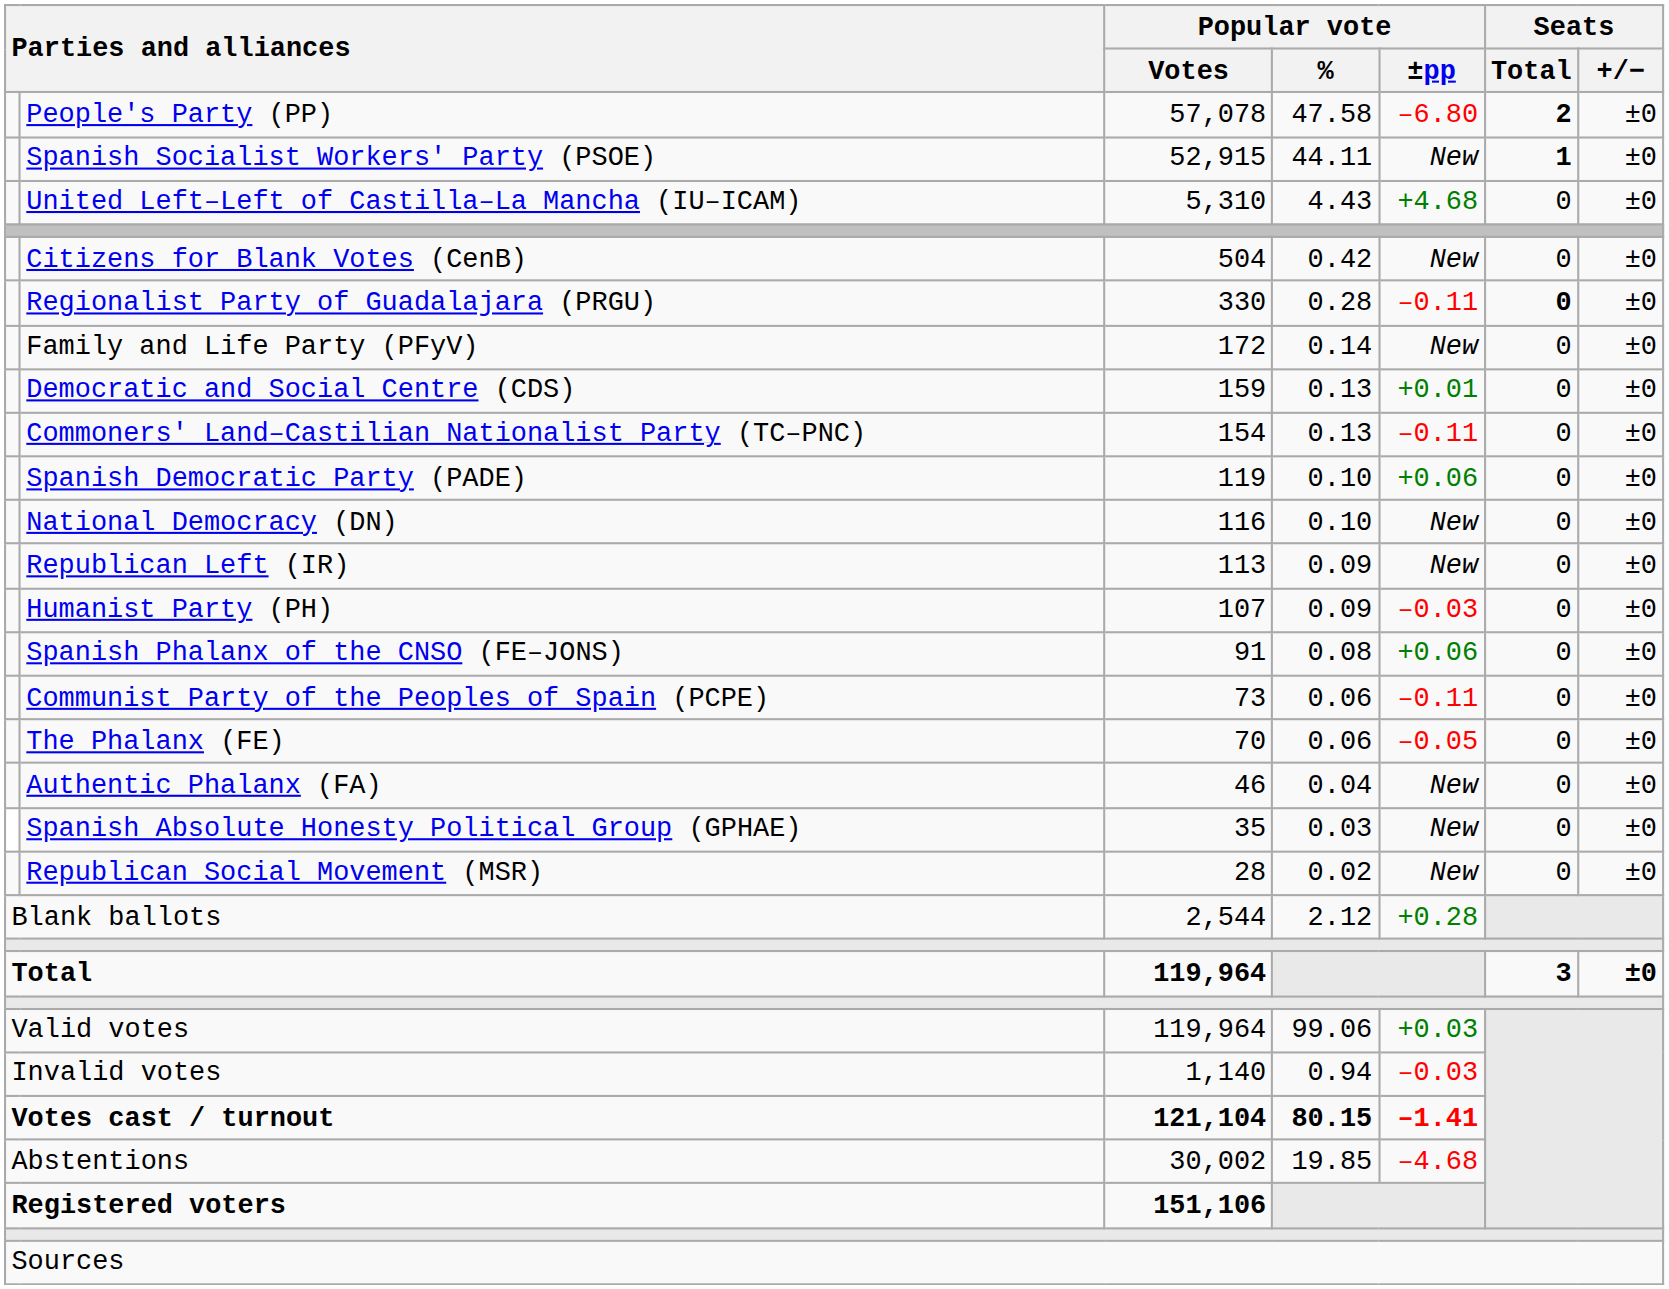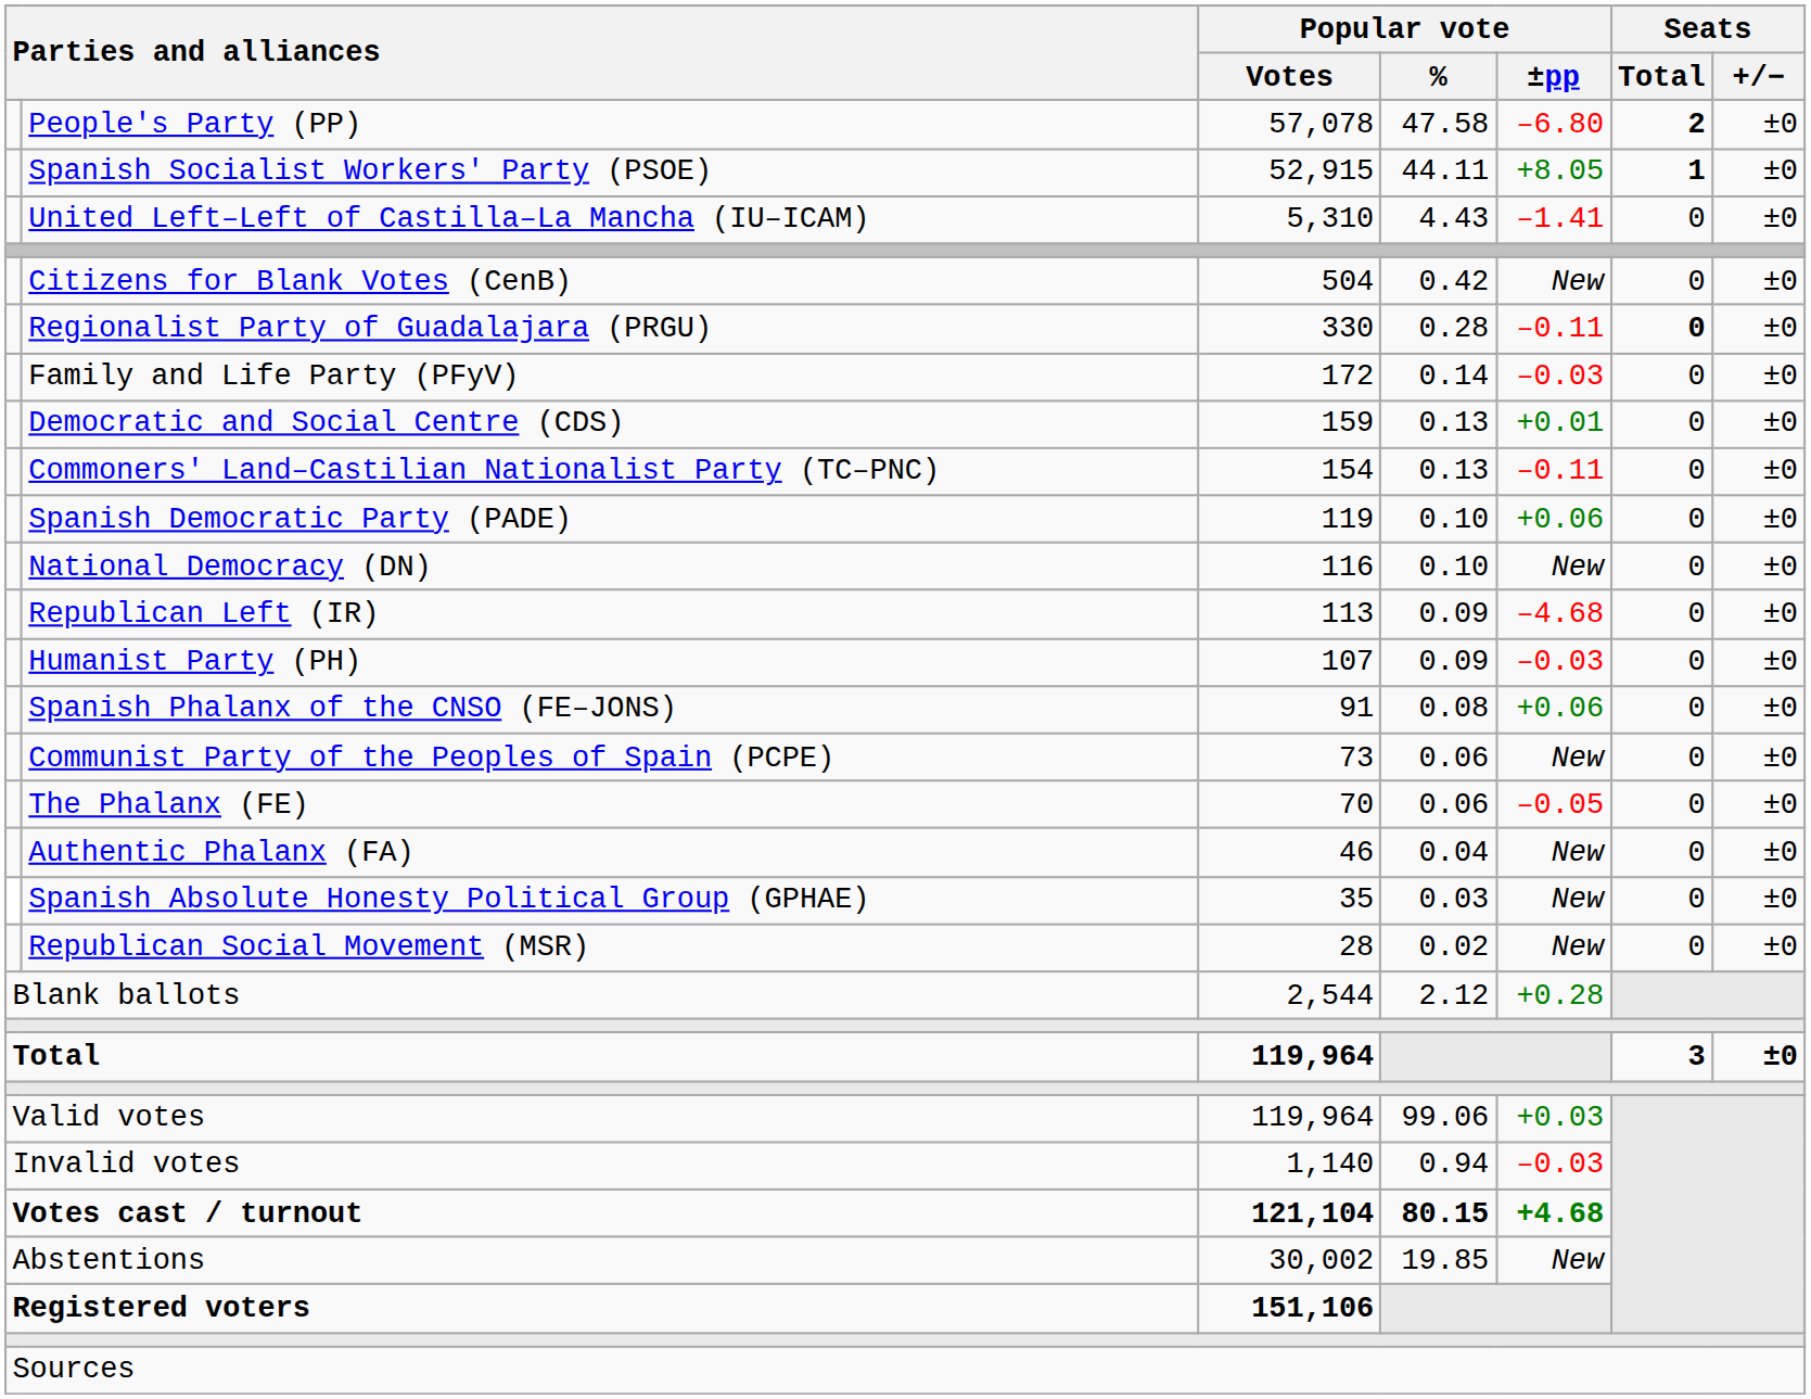 <table class="wikitable" style="text-align:right;">
 <tr>
 <th style="text-align:left;" rowspan="2" colspan="2" width="525">Parties and alliances</th>
 <th colspan="3">Popular vote</th>
 <th colspan="2">Seats</th>
 </tr>
 <tr>
 <th width="75">Votes</th>
 <th width="45">%</th>
 <th width="45">±<a href='#'>pp</a></th>
 <th width="35">Total</th>
 <th width="35">+/−</th>
 </tr>
 <tr>
 <td width="1" style="color:inherit;background:"></td>
 <td align="left"><a href='#'>People's Party</a> (PP)</td>
 <td>57,078</td>
 <td>47.58</td>
 <td style="color:red;">–6.80</td>
 <td><strong>2</strong></td>
 <td>±0</td>
 </tr>
 <tr>
 <td style="color:inherit;background:"></td>
 <td align="left"><a href='#'>Spanish Socialist Workers' Party</a> (PSOE)</td>
 <td>52,915</td>
 <td>44.11</td>
-<td><em>New</em></td>
+<td style="color:green;">+8.05</td>
 <td><strong>1</strong></td>
 <td>±0</td>
 </tr>
 <tr>
 <td style="color:inherit;background:"></td>
 <td align="left"><a href='#'>United Left–Left of Castilla–La Mancha</a> (IU–ICAM)</td>
 <td>5,310</td>
 <td>4.43</td>
-<td style="color:green;">+4.68</td>
+<td style="color:red;">–1.41</td>
 <td>0</td>
 <td>±0</td>
 </tr>
 <tr>
 <td colspan="7" bgcolor="#C0C0C0"></td>
 </tr>
 <tr>
 <td style="color:inherit;background:"></td>
 <td align="left"><a href='#'>Citizens for Blank Votes</a> (CenB)</td>
 <td>504</td>
 <td>0.42</td>
 <td><em>New</em></td>
 <td>0</td>
 <td>±0</td>
 </tr>
 <tr>
 <td style="color:inherit;background:"></td>
 <td align="left"><a href='#'>Regionalist Party of Guadalajara</a> (PRGU)</td>
 <td>330</td>
 <td>0.28</td>
 <td style="color:red;">–0.11</td>
 <td><strong>0</strong></td>
 <td>±0</td>
 </tr>
 <tr>
 <td style="color:inherit;background:"></td>
 <td align="left">Family and Life Party (PFyV)</td>
 <td>172</td>
 <td>0.14</td>
-<td><em>New</em></td>
+<td style="color:red;">–0.03</td>
 <td>0</td>
 <td>±0</td>
 </tr>
 <tr>
 <td style="color:inherit;background:"></td>
 <td align="left"><a href='#'>Democratic and Social Centre</a> (CDS)</td>
 <td>159</td>
 <td>0.13</td>
 <td style="color:green;">+0.01</td>
 <td>0</td>
 <td>±0</td>
 </tr>
 <tr>
 <td style="color:inherit;background:"></td>
 <td align="left"><a href='#'>Commoners' Land–Castilian Nationalist Party</a> (TC–PNC)</td>
 <td>154</td>
 <td>0.13</td>
 <td style="color:red;">–0.11</td>
 <td>0</td>
 <td>±0</td>
 </tr>
 <tr>
 <td style="color:inherit;background:"></td>
 <td align="left"><a href='#'>Spanish Democratic Party</a> (PADE)</td>
 <td>119</td>
 <td>0.10</td>
 <td style="color:green;">+0.06</td>
 <td>0</td>
 <td>±0</td>
 </tr>
 <tr>
 <td style="color:inherit;background:"></td>
 <td align="left"><a href='#'>National Democracy</a> (DN)</td>
 <td>116</td>
 <td>0.10</td>
 <td><em>New</em></td>
 <td>0</td>
 <td>±0</td>
 </tr>
 <tr>
 <td style="color:inherit;background:"></td>
 <td align="left"><a href='#'>Republican Left</a> (IR)</td>
 <td>113</td>
 <td>0.09</td>
-<td><em>New</em></td>
+<td style="color:red;">–4.68</td>
 <td>0</td>
 <td>±0</td>
 </tr>
 <tr>
 <td style="color:inherit;background:"></td>
 <td align="left"><a href='#'>Humanist Party</a> (PH)</td>
 <td>107</td>
 <td>0.09</td>
 <td style="color:red;">–0.03</td>
 <td>0</td>
 <td>±0</td>
 </tr>
 <tr>
 <td style="color:inherit;background:"></td>
 <td align="left"><a href='#'>Spanish Phalanx of the CNSO</a> (FE–JONS)</td>
 <td>91</td>
 <td>0.08</td>
 <td style="color:green;">+0.06</td>
 <td>0</td>
 <td>±0</td>
 </tr>
 <tr>
 <td style="color:inherit;background:"></td>
 <td align="left"><a href='#'>Communist Party of the Peoples of Spain</a> (PCPE)</td>
 <td>73</td>
 <td>0.06</td>
-<td style="color:red;">–0.11</td>
+<td><em>New</em></td>
 <td>0</td>
 <td>±0</td>
 </tr>
 <tr>
 <td style="color:inherit;background:"></td>
 <td align="left"><a href='#'>The Phalanx</a> (FE)</td>
 <td>70</td>
 <td>0.06</td>
 <td style="color:red;">–0.05</td>
 <td>0</td>
 <td>±0</td>
 </tr>
 <tr>
 <td style="color:inherit;background:"></td>
 <td align="left"><a href='#'>Authentic Phalanx</a> (FA)</td>
 <td>46</td>
 <td>0.04</td>
 <td><em>New</em></td>
 <td>0</td>
 <td>±0</td>
 </tr>
 <tr>
 <td bgcolor="white"></td>
 <td align="left"><a href='#'>Spanish Absolute Honesty Political Group</a> (GPHAE)</td>
 <td>35</td>
 <td>0.03</td>
 <td><em>New</em></td>
 <td>0</td>
 <td>±0</td>
 </tr>
 <tr>
 <td style="color:inherit;background:"></td>
 <td align="left"><a href='#'>Republican Social Movement</a> (MSR)</td>
 <td>28</td>
 <td>0.02</td>
 <td><em>New</em></td>
 <td>0</td>
 <td>±0</td>
 </tr>
 <tr>
 <td align="left" colspan="2">Blank ballots</td>
 <td>2,544</td>
 <td>2.12</td>
 <td style="color:green;">+0.28</td>
 <td bgcolor="#E9E9E9" colspan="2"></td>
 </tr>
 <tr>
 <td colspan="7" bgcolor="#E9E9E9"></td>
 </tr>
 <tr style="font-weight:bold;">
 <td align="left" colspan="2">Total</td>
 <td>119,964</td>
 <td bgcolor="#E9E9E9" colspan="2"></td>
 <td>3</td>
 <td>±0</td>
 </tr>
 <tr>
 <td colspan="7" bgcolor="#E9E9E9"></td>
 </tr>
 <tr>
 <td align="left" colspan="2">Valid votes</td>
 <td>119,964</td>
 <td>99.06</td>
 <td style="color:green;">+0.03</td>
 <td bgcolor="#E9E9E9" colspan="2" rowspan="5"></td>
 </tr>
 <tr>
 <td align="left" colspan="2">Invalid votes</td>
 <td>1,140</td>
 <td>0.94</td>
 <td style="color:red;">–0.03</td>
 </tr>
 <tr style="font-weight:bold;">
 <td align="left" colspan="2">Votes cast / turnout</td>
 <td>121,104</td>
 <td>80.15</td>
-<td style="color:red;">–1.41</td>
+<td style="color:green;">+4.68</td>
 </tr>
 <tr>
 <td align="left" colspan="2">Abstentions</td>
 <td>30,002</td>
 <td>19.85</td>
-<td style="color:red;">–4.68</td>
+<td><em>New</em></td>
 </tr>
 <tr style="font-weight:bold;">
 <td align="left" colspan="2">Registered voters</td>
 <td>151,106</td>
 <td bgcolor="#E9E9E9" colspan="2"></td>
 </tr>
 <tr>
 <td colspan="7" bgcolor="#E9E9E9"></td>
 </tr>
 <tr>
 <td align="left" colspan="7">Sources</td>
 </tr>
 </table>
